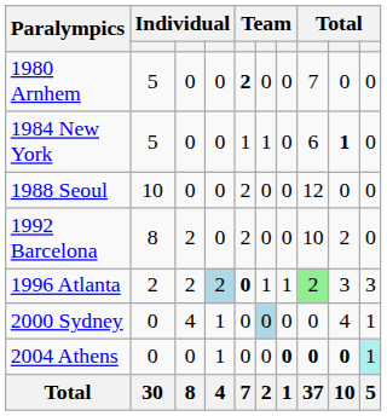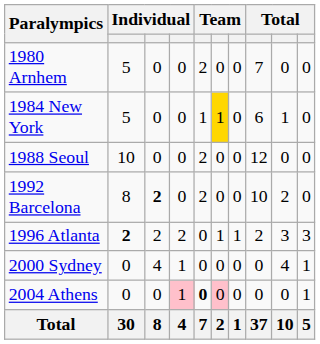 <table class="wikitable" width=40% style="font-size:90%; text-align:center;">
 <tr>
 <th rowspan=2>Paralympics</th>
 <th colspan=3>Individual</th>
 <th colspan=3>Team</th>
 <th colspan=3>Total</th>
 </tr>
 <tr>
 <th></th>
 <th></th>
 <th></th>
 <th></th>
 <th></th>
 <th></th>
 <th></th>
 <th></th>
 <th></th>
 </tr>
 <tr>
 <td align=left><a href='#'>1980 Arnhem</a></td>
 <td>5</td>
 <td>0</td>
 <td>0</td>
-<td><strong>2</strong></td>
+<td>2</td>
 <td>0</td>
 <td>0</td>
 <td>7</td>
 <td>0</td>
 <td>0</td>
 </tr>
 <tr>
 <td align=left><a href='#'>1984 New York</a></td>
 <td>5</td>
 <td>0</td>
 <td>0</td>
 <td>1</td>
-<td>1</td>
+<td style="background: gold;">1</td>
 <td>0</td>
 <td>6</td>
-<td><strong>1</strong></td>
+<td>1</td>
 <td>0</td>
 </tr>
 <tr>
 <td align=left><a href='#'>1988 Seoul</a></td>
 <td>10</td>
 <td>0</td>
 <td>0</td>
 <td>2</td>
 <td>0</td>
 <td>0</td>
 <td>12</td>
 <td>0</td>
 <td>0</td>
 </tr>
 <tr>
 <td align=left><a href='#'>1992 Barcelona</a></td>
 <td>8</td>
-<td>2</td>
+<td><strong>2</strong></td>
 <td>0</td>
 <td>2</td>
 <td>0</td>
 <td>0</td>
 <td>10</td>
 <td>2</td>
 <td>0</td>
 </tr>
 <tr>
 <td align=left><a href='#'>1996 Atlanta</a></td>
+<td><strong>2</strong></td>
 <td>2</td>
 <td>2</td>
-<td style="background: lightblue;">2</td>
-<td><strong>0</strong></td>
+<td>0</td>
 <td>1</td>
 <td>1</td>
-<td style="background: lightgreen;">2</td>
+<td>2</td>
 <td>3</td>
 <td>3</td>
 </tr>
 <tr>
 <td align=left><a href='#'>2000 Sydney</a></td>
 <td>0</td>
 <td>4</td>
 <td>1</td>
 <td>0</td>
-<td style="background: lightblue;">0</td>
+<td>0</td>
 <td>0</td>
 <td>0</td>
 <td>4</td>
 <td>1</td>
 </tr>
 <tr>
 <td align=left><a href='#'>2004 Athens</a></td>
 <td>0</td>
 <td>0</td>
-<td>1</td>
+<td style="background: pink;">1</td>
+<td><strong>0</strong></td>
+<td style="background: pink;">0</td>
 <td>0</td>
 <td>0</td>
-<td><strong>0</strong></td>
-<td><strong>0</strong></td>
-<td><strong>0</strong></td>
-<td style="background: paleturquoise;">1</td>
+<td>0</td>
+<td>1</td>
 </tr>
 <tr>
 <th>Total</th>
 <th>30</th>
 <th>8</th>
 <th>4</th>
 <th>7</th>
 <th>2</th>
 <th>1</th>
 <th>37</th>
 <th>10</th>
 <th>5</th>
 </tr>
 </table>
